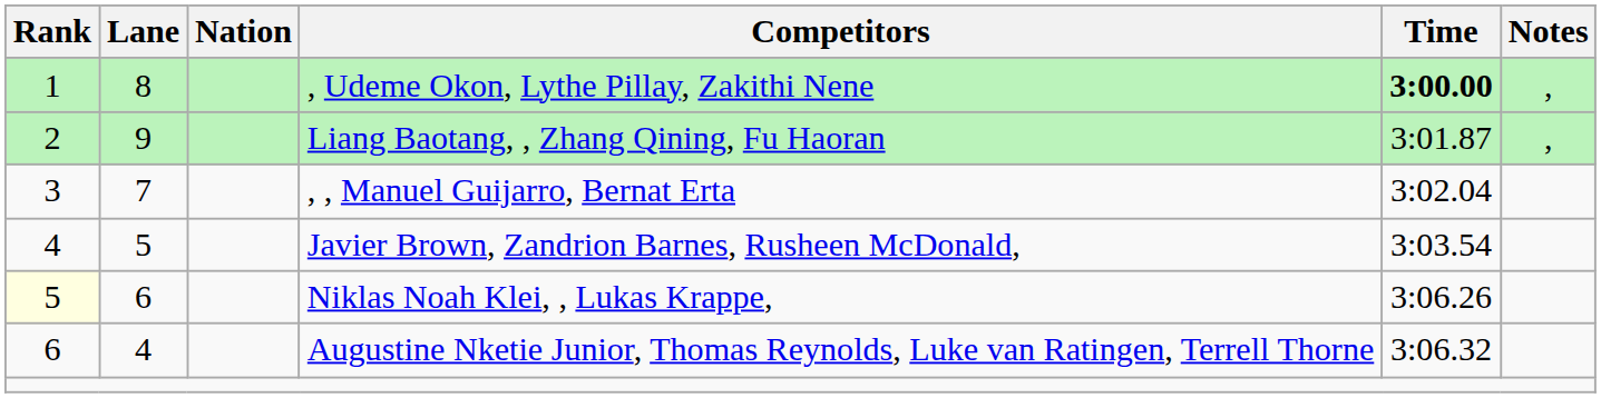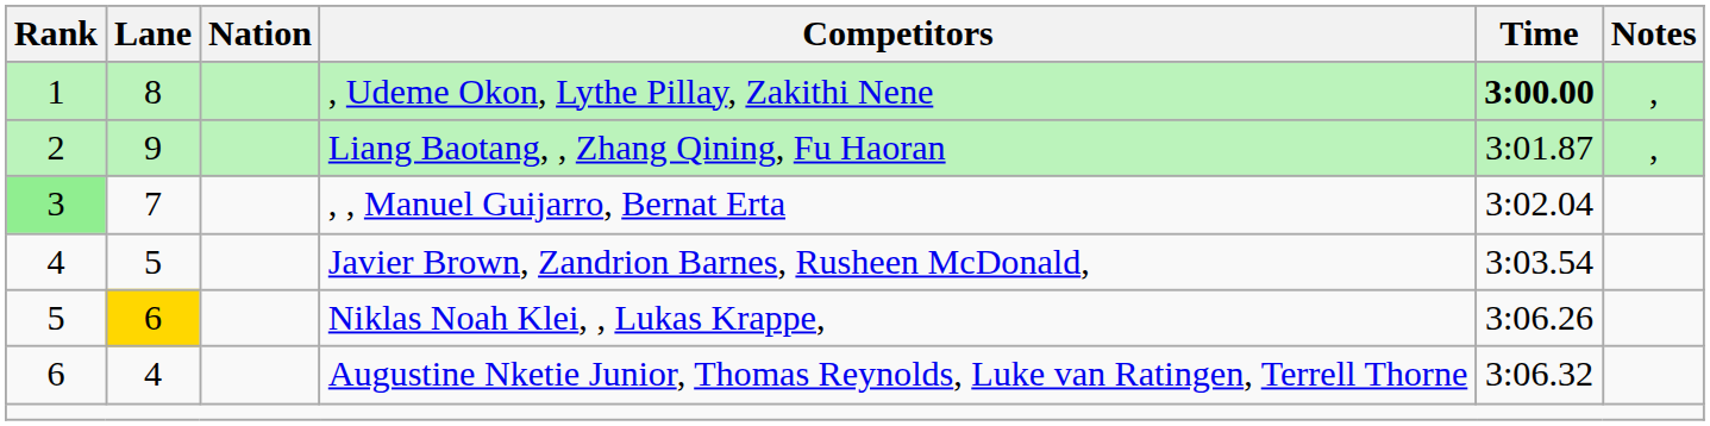 <table class="wikitable sortable" style="text-align:center">
 <tr>
 <th>Rank</th>
 <th>Lane</th>
 <th>Nation</th>
 <th>Competitors</th>
 <th>Time</th>
 <th>Notes</th>
 </tr>
 <tr bgcolor="#bbf3bb">
 <td>1</td>
 <td>8</td>
 <td align="left"></td>
 <td align="left">, <a href='#'>Udeme Okon</a>, <a href='#'>Lythe Pillay</a>, <a href='#'>Zakithi Nene</a></td>
 <td><strong>3:00.00</strong></td>
 <td>, </td>
 </tr>
 <tr bgcolor="#bbf3bb">
 <td>2</td>
 <td>9</td>
 <td align="left"></td>
 <td align="left"><a href='#'>Liang Baotang</a>, , <a href='#'>Zhang Qining</a>, <a href='#'>Fu Haoran</a></td>
 <td>3:01.87</td>
 <td>, <strong></strong></td>
 </tr>
 <tr>
-<td>3</td>
+<td style="background: lightgreen;">3</td>
 <td>7</td>
 <td align="left"></td>
 <td align="left">, , <a href='#'>Manuel Guijarro</a>, <a href='#'>Bernat Erta</a></td>
 <td>3:02.04</td>
 <td></td>
 </tr>
 <tr>
 <td>4</td>
 <td>5</td>
 <td align="left"></td>
 <td align="left"><a href='#'>Javier Brown</a>, <a href='#'>Zandrion Barnes</a>, <a href='#'>Rusheen McDonald</a>, </td>
 <td>3:03.54</td>
 <td></td>
 </tr>
 <tr>
-<td style="background: lightyellow;">5</td>
-<td>6</td>
+<td>5</td>
+<td style="background: gold;">6</td>
 <td align="left"></td>
 <td align="left"><a href='#'>Niklas Noah Klei</a>, , <a href='#'>Lukas Krappe</a>, </td>
 <td>3:06.26</td>
 <td></td>
 </tr>
 <tr>
 <td>6</td>
 <td>4</td>
 <td align="left"></td>
 <td align="left"><a href='#'>Augustine Nketie Junior</a>, <a href='#'>Thomas Reynolds</a>, <a href='#'>Luke van Ratingen</a>, <a href='#'>Terrell Thorne</a></td>
 <td>3:06.32</td>
 <td></td>
 </tr>
 <tr class="sortbottom">
 <td colspan="6"></td>
 </tr>
 </table>
